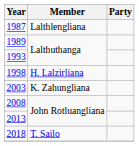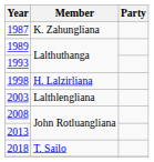 <table class="wikitable sortable">
 <tr>
 <th>Year</th>
 <th>Member</th>
 <th colspan="2">Party</th>
 </tr>
 <tr>
 <td><a href='#'>1987</a></td>
-<td>Lalthlengliana</td>
+<td>K. Zahungliana</td>
 <td></td>
 </tr>
 <tr>
 <td><a href='#'>1989</a></td>
 <td rowspan=2>Lalthuthanga</td>
 <td></td>
 </tr>
 <tr>
 <td><a href='#'>1993</a></td>
 </tr>
 <tr>
 <td><a href='#'>1998</a></td>
 <td><a href='#'>H. Lalzirliana</a></td>
 <td></td>
 </tr>
 <tr>
 <td><a href='#'>2003</a></td>
-<td>K. Zahungliana</td>
+<td>Lalthlengliana</td>
 <td></td>
 </tr>
 <tr>
 <td><a href='#'>2008</a></td>
 <td rowspan=2>John Rotluangliana</td>
 <td></td>
 </tr>
 <tr>
 <td><a href='#'>2013</a></td>
 </tr>
 <tr>
 <td><a href='#'>2018</a></td>
 <td><a href='#'>T. Sailo</a></td>
 <td></td>
 </tr>
 <tr>
 </tr>
 </table>
